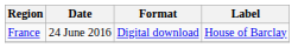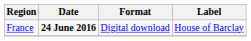 <table class=wikitable>
 <tr>
 <th>Region</th>
 <th>Date</th>
 <th>Format</th>
 <th>Label</th>
 </tr>
 <tr>
 <td><a href='#'>France</a></td>
-<td>24 June 2016</td>
+<td><strong>24 June 2016</strong></td>
 <td><a href='#'>Digital download</a></td>
 <td><a href='#'>House of Barclay</a></td>
 </tr>
 <tr>
 </tr>
 </table>
